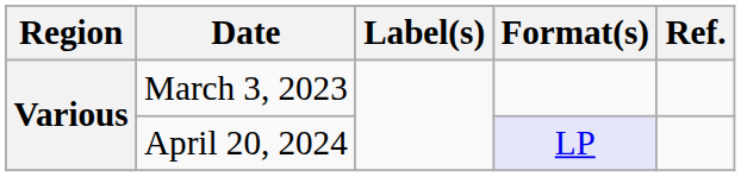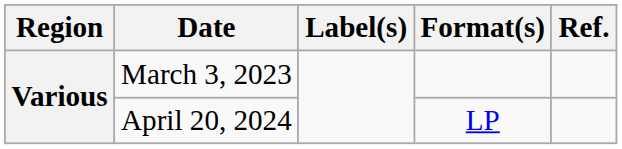 <table class="wikitable plainrowheaders">
 <tr>
 <th scope="col">Region</th>
 <th scope="col">Date</th>
 <th scope="col">Label(s)</th>
 <th scope="col">Format(s)</th>
 <th scope="col">Ref.</th>
 </tr>
 <tr>
 <th scope="row"  rowspan="2">Various</th>
 <td>March 3, 2023</td>
 <td rowspan="2"></td>
 <td></td>
 <td align="center"></td>
 </tr>
 <tr>
 <td>April 20, 2024</td>
-<td align="center" style="background: lavender;"><a href='#'>LP</a></td>
+<td align="center"><a href='#'>LP</a></td>
 <td align="center"></td>
 </tr>
 </table>
